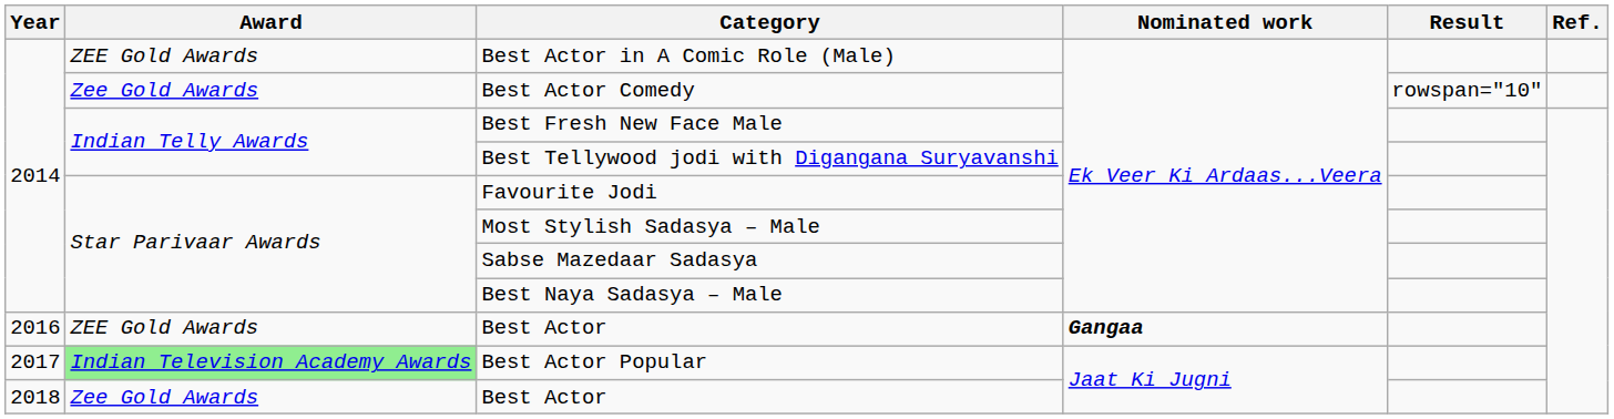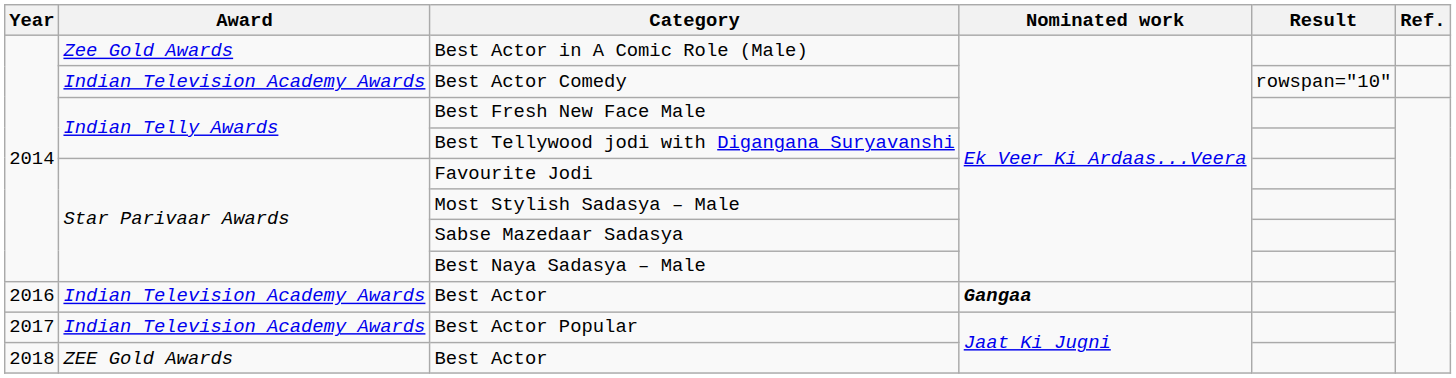 <table class="wikitable" style="text-align: left;">
 <tr>
 <th>Year</th>
 <th>Award</th>
 <th>Category</th>
 <th>Nominated work</th>
 <th>Result</th>
 <th>Ref.</th>
 </tr>
 <tr>
 <td rowspan="8">2014</td>
-<td><em>ZEE Gold Awards</em></td>
+<td><em><a href='#'>Zee Gold Awards</a></em></td>
 <td>Best Actor in A Comic Role (Male)</td>
 <td rowspan="8"><em><a href='#'>Ek Veer Ki Ardaas...Veera</a></em></td>
 <td></td>
 <td></td>
 </tr>
 <tr>
-<td><em><a href='#'>Zee Gold Awards</a></em></td>
+<td><em><a href='#'>Indian Television Academy Awards</a></em></td>
 <td>Best Actor Comedy</td>
 <td>rowspan="10" </td>
 <td></td>
 </tr>
 <tr>
 <td rowspan="2"><em><a href='#'>Indian Telly Awards</a></em></td>
 <td>Best Fresh New Face Male</td>
 <td></td>
 </tr>
 <tr>
 <td>Best Tellywood jodi with <a href='#'>Digangana Suryavanshi</a></td>
 <td></td>
 </tr>
 <tr>
 <td rowspan="4"><em>Star Parivaar Awards</em></td>
 <td>Favourite Jodi</td>
 <td></td>
 </tr>
 <tr>
 <td>Most Stylish Sadasya – Male</td>
 <td></td>
 </tr>
 <tr>
 <td>Sabse Mazedaar Sadasya</td>
 <td></td>
 </tr>
 <tr>
 <td>Best Naya Sadasya – Male</td>
 <td></td>
 </tr>
 <tr>
 <td>2016</td>
-<td><em>ZEE Gold Awards</em></td>
+<td><em><a href='#'>Indian Television Academy Awards</a></em></td>
 <td>Best Actor</td>
 <td><strong><em>Gangaa</em></strong></td>
 <td></td>
 </tr>
 <tr>
 <td>2017</td>
-<td style="background: lightgreen;"><em><a href='#'>Indian Television Academy Awards</a></em></td>
+<td><em><a href='#'>Indian Television Academy Awards</a></em></td>
 <td>Best Actor Popular</td>
 <td rowspan="2"><em><a href='#'>Jaat Ki Jugni</a></em></td>
 <td></td>
 </tr>
 <tr>
 <td>2018</td>
-<td><em><a href='#'>Zee Gold Awards</a></em></td>
+<td><em>ZEE Gold Awards</em></td>
 <td>Best Actor</td>
 <td></td>
 </tr>
 </table>
